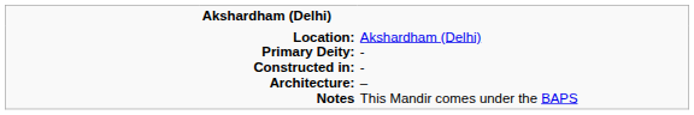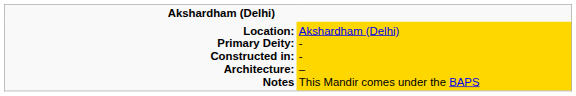 <table class="wikitable plain" border="0" width="800">
 <tr>
 <td width="220px" rowspan="2" style="border:none;"></td>
 <td valign="top" colspan=2 style="border:none;"><strong>Akshardham (Delhi)</strong></td>
 </tr>
 <tr>
 <td valign="top" style="text-align:right; border:none;"><strong>Location:</strong> <br><strong>Primary Deity:</strong><br><strong>Constructed in:</strong><br><strong>Architecture:</strong><br><strong>Notes</strong></td>
-<td valign="top" style="border:none;"><a href='#'>Akshardham (Delhi)</a> <br>- <br>- <br>– <br>This Mandir comes under the <a href='#'>BAPS</a></td>
+<td valign="top" style="background: gold; border:none;"><a href='#'>Akshardham (Delhi)</a> <br>- <br>- <br>– <br>This Mandir comes under the <a href='#'>BAPS</a></td>
 </tr>
 </table>
